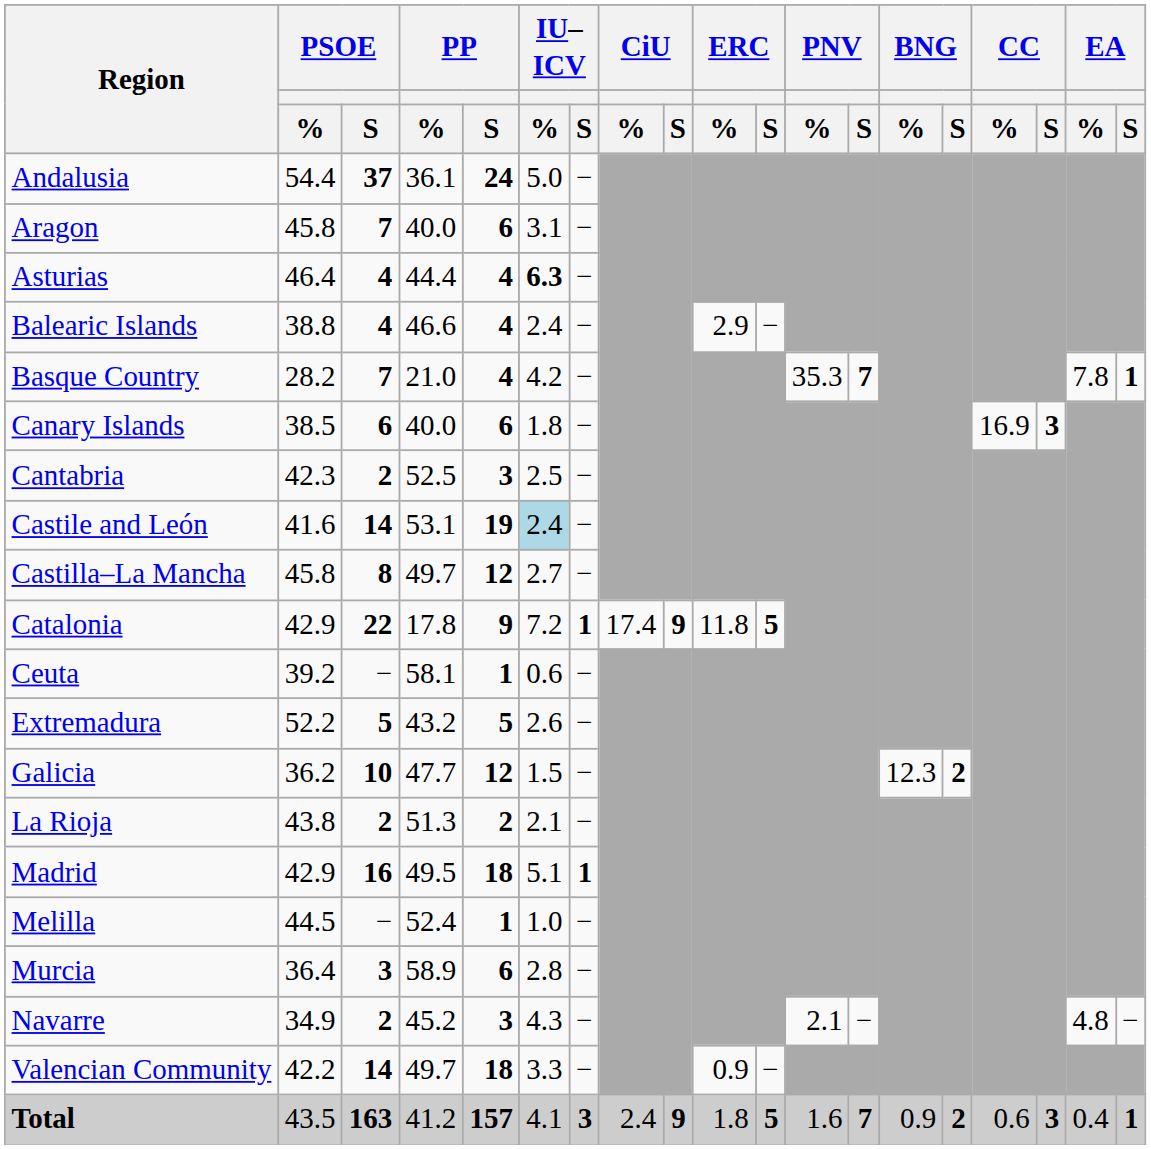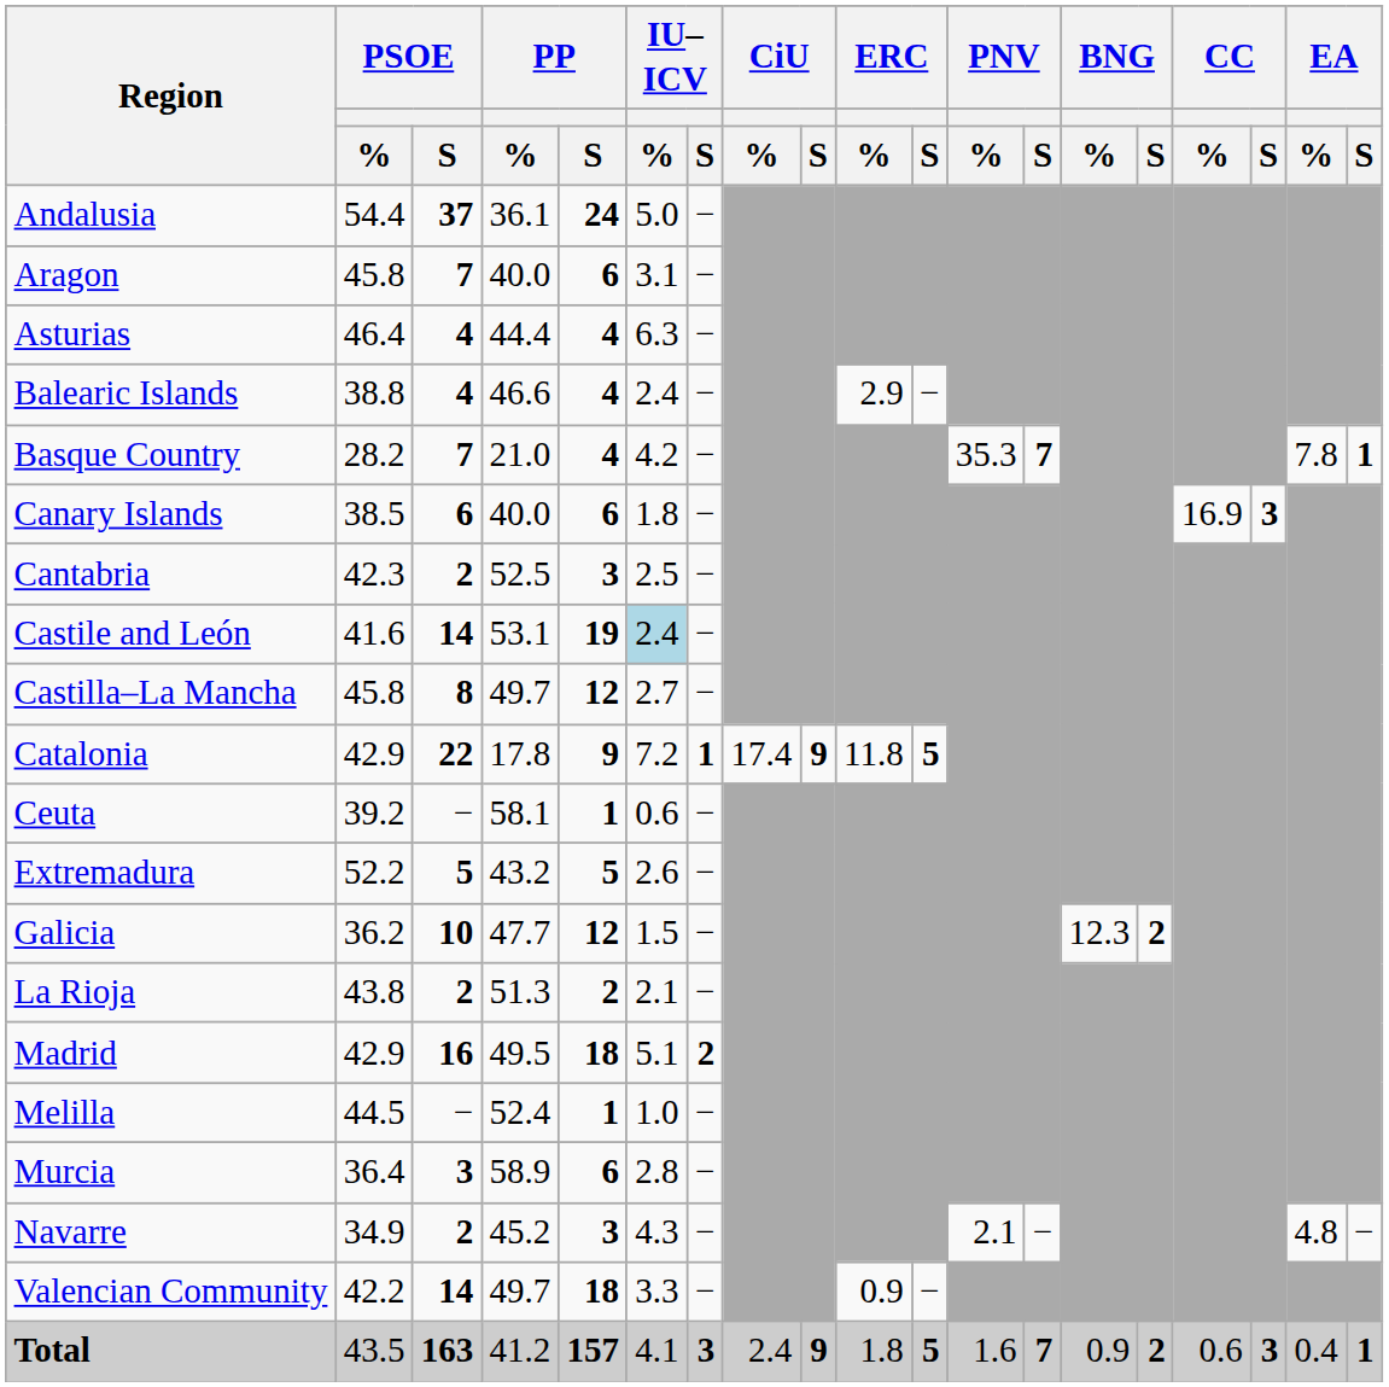 <table class="wikitable sortable" style="text-align:right; line-height:20px">
 <tr>
 <th rowspan="3">Region</th>
 <th colspan="2" width="30px" class="unsortable"><a href='#'>PSOE</a></th>
 <th colspan="2" width="30px" class="unsortable"><a href='#'>PP</a></th>
 <th colspan="2" width="30px" class="unsortable"><a href='#'>IU</a>–<a href='#'>ICV</a></th>
 <th colspan="2" width="30px" class="unsortable"><a href='#'>CiU</a></th>
 <th colspan="2" width="30px" class="unsortable"><a href='#'>ERC</a></th>
 <th colspan="2" width="30px" class="unsortable"><a href='#'>PNV</a></th>
 <th colspan="2" width="30px" class="unsortable"><a href='#'>BNG</a></th>
 <th colspan="2" width="30px" class="unsortable"><a href='#'>CC</a></th>
 <th colspan="2" width="30px" class="unsortable"><a href='#'>EA</a></th>
 </tr>
 <tr>
 <th colspan="2" style="background:"></th>
 <th colspan="2" style="background:"></th>
 <th colspan="2" style="background:"></th>
 <th colspan="2" style="background:"></th>
 <th colspan="2" style="background:"></th>
 <th colspan="2" style="background:"></th>
 <th colspan="2" style="background:"></th>
 <th colspan="2" style="background:"></th>
 <th colspan="2" style="background:"></th>
 </tr>
 <tr>
 <th data-sort-type="number">%</th>
 <th data-sort-type="number">S</th>
 <th data-sort-type="number">%</th>
 <th data-sort-type="number">S</th>
 <th data-sort-type="number">%</th>
 <th data-sort-type="number">S</th>
 <th data-sort-type="number">%</th>
 <th data-sort-type="number">S</th>
 <th data-sort-type="number">%</th>
 <th data-sort-type="number">S</th>
 <th data-sort-type="number">%</th>
 <th data-sort-type="number">S</th>
 <th data-sort-type="number">%</th>
 <th data-sort-type="number">S</th>
 <th data-sort-type="number">%</th>
 <th data-sort-type="number">S</th>
 <th data-sort-type="number">%</th>
 <th data-sort-type="number">S</th>
 </tr>
 <tr>
 <td align="left"><a href='#'>Andalusia</a></td>
 <td style="background:">54.4</td>
 <td><strong>37</strong></td>
 <td>36.1</td>
 <td><strong>24</strong></td>
 <td>5.0</td>
 <td>−</td>
 <td colspan="2" rowspan="9" bgcolor="#AAAAAA"></td>
 <td colspan="2" rowspan="3" bgcolor="#AAAAAA"></td>
 <td colspan="2" rowspan="4" bgcolor="#AAAAAA"></td>
 <td colspan="2" rowspan="12" bgcolor="#AAAAAA"></td>
 <td colspan="2" rowspan="5" bgcolor="#AAAAAA"></td>
 <td colspan="2" rowspan="4" bgcolor="#AAAAAA"></td>
 </tr>
 <tr>
 <td align="left"><a href='#'>Aragon</a></td>
 <td style="background:">45.8</td>
 <td><strong>7</strong></td>
 <td>40.0</td>
 <td><strong>6</strong></td>
 <td>3.1</td>
 <td>−</td>
 </tr>
 <tr>
 <td align="left"><a href='#'>Asturias</a></td>
 <td style="background:">46.4</td>
 <td><strong>4</strong></td>
 <td>44.4</td>
 <td><strong>4</strong></td>
-<td><strong>6.3</strong></td>
+<td>6.3</td>
 <td>−</td>
 </tr>
 <tr>
 <td align="left"><a href='#'>Balearic Islands</a></td>
 <td>38.8</td>
 <td><strong>4</strong></td>
 <td style="background:">46.6</td>
 <td><strong>4</strong></td>
 <td>2.4</td>
 <td>−</td>
 <td>2.9</td>
 <td>−</td>
 </tr>
 <tr>
 <td align="left"><a href='#'>Basque Country</a></td>
 <td>28.2</td>
 <td><strong>7</strong></td>
 <td>21.0</td>
 <td><strong>4</strong></td>
 <td>4.2</td>
 <td>−</td>
 <td colspan="2" rowspan="5" bgcolor="#AAAAAA"></td>
 <td style="background:">35.3</td>
 <td><strong>7</strong></td>
 <td>7.8</td>
 <td><strong>1</strong></td>
 </tr>
 <tr>
 <td align="left"><a href='#'>Canary Islands</a></td>
 <td>38.5</td>
 <td><strong>6</strong></td>
 <td style="background:">40.0</td>
 <td><strong>6</strong></td>
 <td>1.8</td>
 <td>−</td>
 <td colspan="2" rowspan="12" bgcolor="#AAAAAA"></td>
 <td>16.9</td>
 <td><strong>3</strong></td>
 <td colspan="2" rowspan="12" bgcolor="#AAAAAA"></td>
 </tr>
 <tr>
 <td align="left"><a href='#'>Cantabria</a></td>
 <td>42.3</td>
 <td><strong>2</strong></td>
 <td style="background:">52.5</td>
 <td><strong>3</strong></td>
 <td>2.5</td>
 <td>−</td>
 <td colspan="2" rowspan="13" bgcolor="#AAAAAA"></td>
 </tr>
 <tr>
 <td align="left"><a href='#'>Castile and León</a></td>
 <td>41.6</td>
 <td><strong>14</strong></td>
 <td style="background:">53.1</td>
 <td><strong>19</strong></td>
 <td style="background: lightblue;">2.4</td>
 <td>−</td>
 </tr>
 <tr>
 <td align="left"><a href='#'>Castilla–La Mancha</a></td>
 <td>45.8</td>
 <td><strong>8</strong></td>
 <td style="background:">49.7</td>
 <td><strong>12</strong></td>
 <td>2.7</td>
 <td>−</td>
 </tr>
 <tr>
 <td align="left"><a href='#'>Catalonia</a></td>
 <td style="background:">42.9</td>
 <td><strong>22</strong></td>
 <td>17.8</td>
 <td><strong>9</strong></td>
 <td>7.2</td>
 <td><strong>1</strong></td>
 <td>17.4</td>
 <td><strong>9</strong></td>
 <td>11.8</td>
 <td><strong>5</strong></td>
 </tr>
 <tr>
 <td align="left"><a href='#'>Ceuta</a></td>
 <td>39.2</td>
 <td>−</td>
 <td style="background:">58.1</td>
 <td><strong>1</strong></td>
 <td>0.6</td>
 <td>−</td>
 <td colspan="2" rowspan="9" bgcolor="#AAAAAA"></td>
 <td colspan="2" rowspan="8" bgcolor="#AAAAAA"></td>
 </tr>
 <tr>
 <td align="left"><a href='#'>Extremadura</a></td>
 <td style="background:">52.2</td>
 <td><strong>5</strong></td>
 <td>43.2</td>
 <td><strong>5</strong></td>
 <td>2.6</td>
 <td>−</td>
 </tr>
 <tr>
 <td align="left"><a href='#'>Galicia</a></td>
 <td>36.2</td>
 <td><strong>10</strong></td>
 <td style="background:">47.7</td>
 <td><strong>12</strong></td>
 <td>1.5</td>
 <td>−</td>
 <td>12.3</td>
 <td><strong>2</strong></td>
 </tr>
 <tr>
 <td align="left"><a href='#'>La Rioja</a></td>
 <td>43.8</td>
 <td><strong>2</strong></td>
 <td style="background:">51.3</td>
 <td><strong>2</strong></td>
 <td>2.1</td>
 <td>−</td>
 <td colspan="2" rowspan="6" bgcolor="#AAAAAA"></td>
 </tr>
 <tr>
 <td align="left"><a href='#'>Madrid</a></td>
 <td>42.9</td>
 <td><strong>16</strong></td>
 <td style="background:">49.5</td>
 <td><strong>18</strong></td>
 <td>5.1</td>
-<td><strong>1</strong></td>
+<td><strong>2</strong></td>
 </tr>
 <tr>
 <td align="left"><a href='#'>Melilla</a></td>
 <td>44.5</td>
 <td>−</td>
 <td style="background:">52.4</td>
 <td><strong>1</strong></td>
 <td>1.0</td>
 <td>−</td>
 </tr>
 <tr>
 <td align="left"><a href='#'>Murcia</a></td>
 <td>36.4</td>
 <td><strong>3</strong></td>
 <td style="background:">58.9</td>
 <td><strong>6</strong></td>
 <td>2.8</td>
 <td>−</td>
 </tr>
 <tr>
 <td align="left"><a href='#'>Navarre</a></td>
 <td>34.9</td>
 <td><strong>2</strong></td>
 <td style="background:">45.2</td>
 <td><strong>3</strong></td>
 <td>4.3</td>
 <td>−</td>
 <td>2.1</td>
 <td>−</td>
 <td>4.8</td>
 <td>−</td>
 </tr>
 <tr>
 <td align="left"><a href='#'>Valencian Community</a></td>
 <td>42.2</td>
 <td><strong>14</strong></td>
 <td style="background:">49.7</td>
 <td><strong>18</strong></td>
 <td>3.3</td>
 <td>−</td>
 <td>0.9</td>
 <td>−</td>
 <td colspan="2" bgcolor="#AAAAAA"></td>
 <td colspan="2" bgcolor="#AAAAAA"></td>
 </tr>
 <tr style="background:#CDCDCD;">
 <td align="left"><strong>Total</strong></td>
 <td style="background:">43.5</td>
 <td><strong>163</strong></td>
 <td>41.2</td>
 <td><strong>157</strong></td>
 <td>4.1</td>
 <td><strong>3</strong></td>
 <td>2.4</td>
 <td><strong>9</strong></td>
 <td>1.8</td>
 <td><strong>5</strong></td>
 <td>1.6</td>
 <td><strong>7</strong></td>
 <td>0.9</td>
 <td><strong>2</strong></td>
 <td>0.6</td>
 <td><strong>3</strong></td>
 <td>0.4</td>
 <td><strong>1</strong></td>
 </tr>
 </table>
